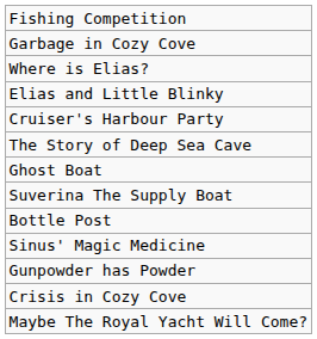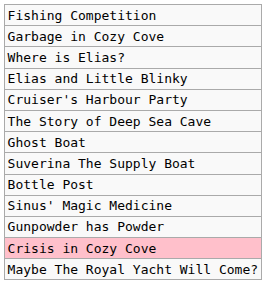 <table class="wikitable">
 <tr>
 <td>Fishing Competition</td>
 </tr>
 <tr>
 <td>Garbage in Cozy Cove</td>
 </tr>
 <tr>
 <td>Where is Elias?</td>
 </tr>
 <tr>
 <td>Elias and Little Blinky</td>
 </tr>
 <tr>
 <td>Cruiser's Harbour Party</td>
 </tr>
 <tr>
 <td>The Story of Deep Sea Cave</td>
 </tr>
 <tr>
 <td>Ghost Boat</td>
 </tr>
 <tr>
 <td>Suverina The Supply Boat</td>
 </tr>
 <tr>
 <td>Bottle Post</td>
 </tr>
 <tr>
 <td>Sinus' Magic Medicine</td>
 </tr>
 <tr>
 <td>Gunpowder has Powder</td>
 </tr>
 <tr>
-<td>Crisis in Cozy Cove</td>
+<td style="background: pink;">Crisis in Cozy Cove</td>
 </tr>
 <tr>
 <td>Maybe The Royal Yacht Will Come?</td>
 </tr>
 </table>
